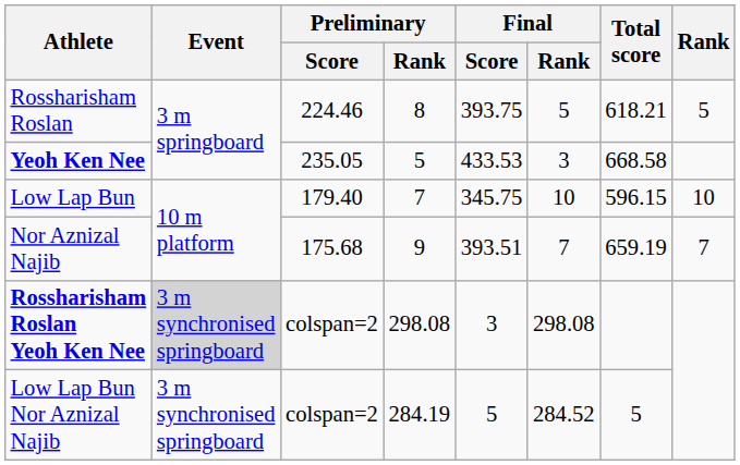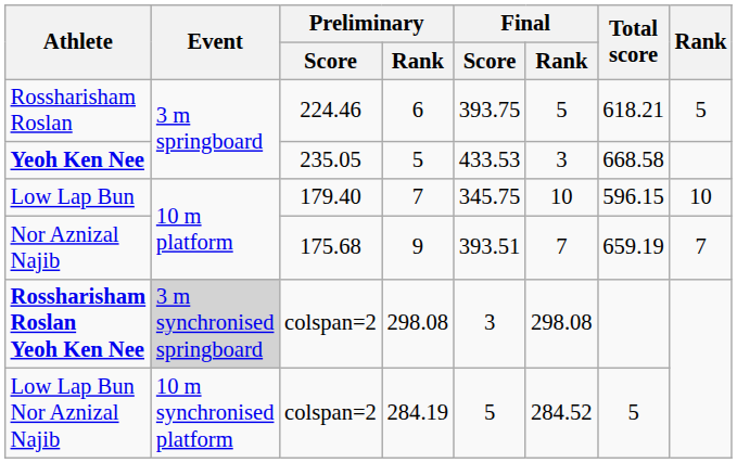 <table class="wikitable" width="75%" style="text-align:center; font-size:90%;">
 <tr>
 <th rowspan="2" width="15%">Athlete</th>
 <th rowspan="2" width="15%">Event</th>
 <th colspan="2" width="12%">Preliminary</th>
 <th colspan="2" width="12%">Final</th>
 <th rowspan="2" width="12%">Total score</th>
 <th rowspan="2" width="7%">Rank</th>
 </tr>
 <tr>
 <th width="7%">Score</th>
 <th>Rank</th>
 <th width="7%">Score</th>
 <th>Rank</th>
 </tr>
 <tr>
 <td align=left><a href='#'>Rossharisham Roslan</a></td>
 <td align=left rowspan=2><a href='#'>3 m springboard</a></td>
 <td>224.46</td>
-<td>8 <strong></strong></td>
+<td>6 <strong></strong></td>
 <td>393.75</td>
 <td>5</td>
 <td>618.21</td>
 <td>5</td>
 </tr>
 <tr>
 <td align=left><strong><a href='#'>Yeoh Ken Nee</a></strong></td>
 <td>235.05</td>
 <td>5 <strong></strong></td>
 <td>433.53</td>
 <td>3</td>
 <td>668.58</td>
 <td></td>
 </tr>
 <tr>
 <td align=left><a href='#'>Low Lap Bun</a></td>
 <td align=left rowspan=2><a href='#'>10 m platform</a></td>
 <td>179.40</td>
 <td>7 <strong></strong></td>
 <td>345.75</td>
 <td>10</td>
 <td>596.15</td>
 <td>10</td>
 </tr>
 <tr>
 <td align=left><a href='#'>Nor Aznizal Najib</a></td>
 <td>175.68</td>
 <td>9 <strong></strong></td>
 <td>393.51</td>
 <td>7</td>
 <td>659.19</td>
 <td>7</td>
 </tr>
 <tr>
 <td align=left><strong><a href='#'>Rossharisham Roslan</a><br><a href='#'>Yeoh Ken Nee</a></strong></td>
 <td align=left style="background: lightgrey;"><a href='#'>3 m synchronised springboard</a></td>
 <td>colspan=2 </td>
 <td>298.08</td>
 <td>3</td>
 <td>298.08</td>
 <td></td>
 </tr>
 <tr>
 <td align=left><a href='#'>Low Lap Bun</a><br><a href='#'>Nor Aznizal Najib</a></td>
-<td align=left><a href='#'>3 m synchronised springboard</a></td>
+<td align=left><a href='#'>10 m synchronised platform</a></td>
 <td>colspan=2 </td>
 <td>284.19</td>
 <td>5</td>
 <td>284.52</td>
 <td>5</td>
 </tr>
 </table>
